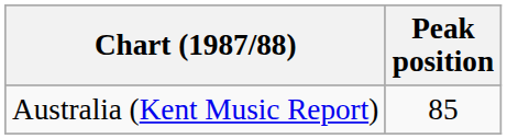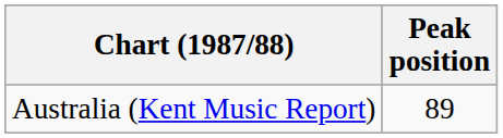 <table class="wikitable">
 <tr>
 <th scope="col">Chart (1987/88)</th>
 <th>Peak<br>position</th>
 </tr>
 <tr>
 <td>Australia (<a href='#'>Kent Music Report</a>)</td>
-<td style="text-align:center;">85</td>
+<td style="text-align:center;">89</td>
 </tr>
 </table>
